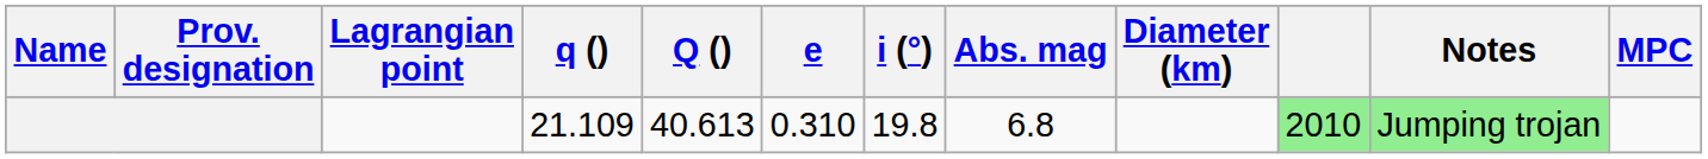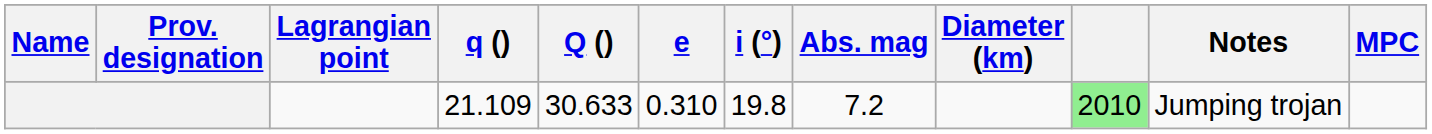 <table class="wikitable sortable plainrowheaders" style="text-align: center; margin-right: 0;">
 <tr>
 <th scope="col"><a href='#'>Name</a></th>
 <th scope="col"><a href='#'>Prov.<br>designation</a></th>
 <th scope="col"><a href='#'>Lagrangian<br>point</a></th>
 <th scope="col"><a href='#'>q</a> ()</th>
 <th scope="col"><a href='#'>Q</a> ()</th>
 <th scope="col"><a href='#'>e</a></th>
 <th scope="col"><a href='#'>i</a> (<a href='#'>°</a>)</th>
 <th scope="col"><a href='#'>Abs. mag</a></th>
 <th scope="col"><a href='#'>Diameter</a><br>(<a href='#'>km</a>)</th>
 <th scope="col"></th>
 <th scope="col" class="unsortable">Notes</th>
 <th scope="col" class="unsortable"><a href='#'>MPC</a></th>
 </tr>
 <tr>
 <th scope=row style=text-align:center colspan=2></th>
 <td></td>
 <td>21.109</td>
-<td>40.613</td>
+<td>30.633</td>
 <td>0.310</td>
 <td>19.8</td>
-<td>6.8</td>
+<td>7.2</td>
 <td></td>
 <td style="background: lightgreen;">2010</td>
-<td style="background: lightgreen;">Jumping trojan</td>
+<td>Jumping trojan</td>
 <td></td>
 </tr>
 </table>
